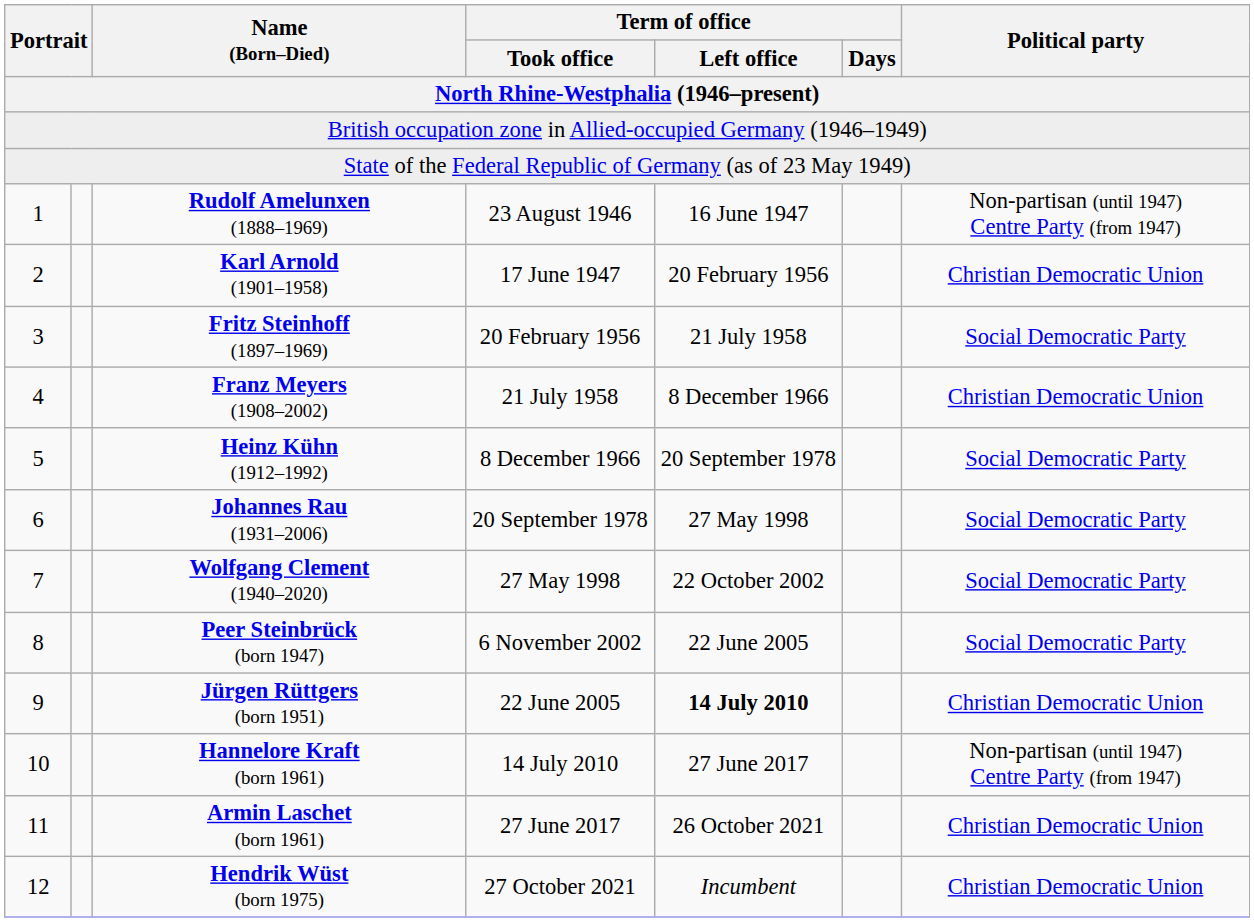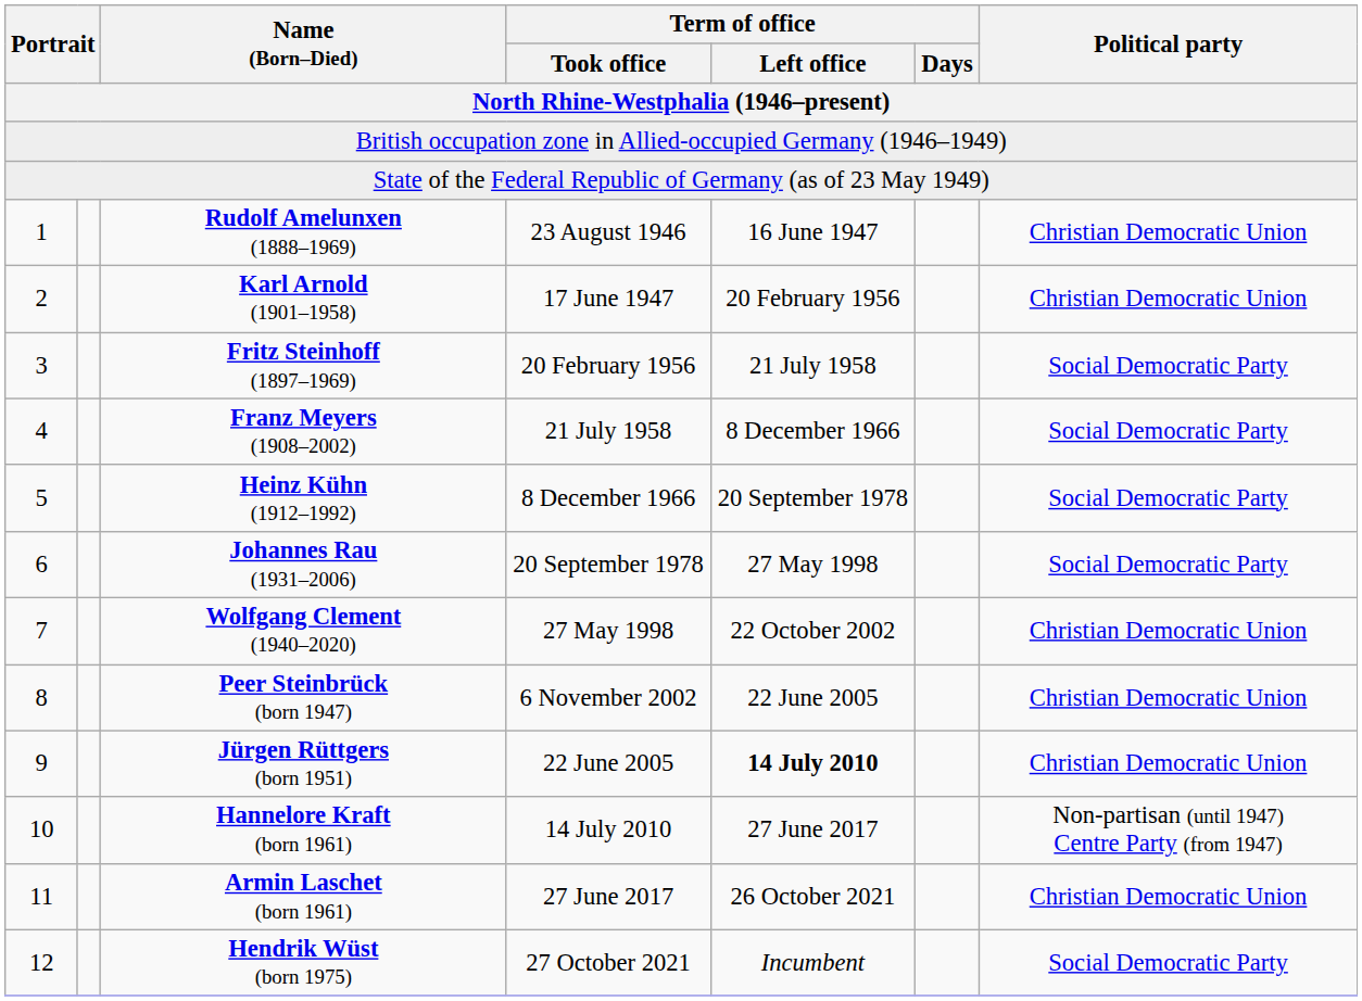 <table class="wikitable" style="text-align:center; width:100%; border:1px #AAAAFF solid">
 <tr>
 <th width=80px rowspan=2 colspan=2>Portrait</th>
 <th width=30% rowspan=2>Name<br><small>(Born–Died)</small></th>
 <th width=35% colspan=3>Term of office</th>
 <th width=28% rowspan=2>Political party</th>
 </tr>
 <tr>
 <th>Took office</th>
 <th>Left office</th>
 <th>Days</th>
 </tr>
 <tr>
 <th colspan="7"><a href='#'>North Rhine-Westphalia</a> (1946–present)</th>
 </tr>
 <tr>
 <td bgcolor=#EEEEEE colspan=8><a href='#'>British occupation zone</a> in <a href='#'>Allied-occupied Germany</a> (1946–1949)</td>
 </tr>
 <tr>
 <td bgcolor=#EEEEEE colspan=8><a href='#'>State</a> of the <a href='#'>Federal Republic of Germany</a> (as of 23 May 1949)</td>
 </tr>
 <tr>
 <td rowspan="1" style="background:">1</td>
 <td></td>
 <td><strong><a href='#'>Rudolf Amelunxen</a></strong><br><small>(1888–1969)</small></td>
 <td>23 August 1946</td>
 <td>16 June 1947</td>
 <td></td>
-<td>Non-partisan <small>(until 1947)</small><br><a href='#'>Centre Party</a> <small>(from 1947)</small></td>
+<td><a href='#'>Christian Democratic Union</a></td>
 </tr>
 <tr>
 <td style="background:">2</td>
 <td></td>
 <td><strong><a href='#'>Karl Arnold</a></strong><br><small>(1901–1958)</small></td>
 <td>17 June 1947</td>
 <td>20 February 1956<br></td>
 <td></td>
 <td><a href='#'>Christian Democratic Union</a></td>
 </tr>
 <tr>
 <td style="background:">3</td>
 <td></td>
 <td><strong><a href='#'>Fritz Steinhoff</a></strong><br><small>(1897–1969)</small></td>
 <td>20 February 1956</td>
 <td>21 July 1958</td>
 <td></td>
 <td><a href='#'>Social Democratic Party</a></td>
 </tr>
 <tr>
 <td style="background:">4</td>
 <td></td>
 <td><strong><a href='#'>Franz Meyers</a></strong><br><small>(1908–2002)</small></td>
 <td>21 July 1958</td>
 <td>8 December 1966<br></td>
 <td></td>
-<td><a href='#'>Christian Democratic Union</a></td>
+<td><a href='#'>Social Democratic Party</a></td>
 </tr>
 <tr>
 <td style="background:">5</td>
 <td></td>
 <td><strong><a href='#'>Heinz Kühn</a></strong><br><small>(1912–1992)</small></td>
 <td>8 December 1966</td>
 <td>20 September 1978</td>
 <td></td>
 <td><a href='#'>Social Democratic Party</a></td>
 </tr>
 <tr>
 <td style="background:">6</td>
 <td></td>
 <td><strong><a href='#'>Johannes Rau</a></strong><br><small>(1931–2006)</small></td>
 <td>20 September 1978</td>
 <td>27 May 1998</td>
 <td></td>
 <td><a href='#'>Social Democratic Party</a></td>
 </tr>
 <tr>
 <td style="background:">7</td>
 <td></td>
 <td><strong><a href='#'>Wolfgang Clement</a></strong><br><small>(1940–2020)</small></td>
 <td>27 May 1998</td>
 <td>22 October 2002<br></td>
 <td></td>
-<td><a href='#'>Social Democratic Party</a></td>
+<td><a href='#'>Christian Democratic Union</a></td>
 </tr>
 <tr>
 <td style="background:">8</td>
 <td></td>
 <td><strong><a href='#'>Peer Steinbrück</a></strong><br><small>(born 1947)</small></td>
 <td>6 November 2002</td>
 <td>22 June 2005</td>
 <td></td>
-<td><a href='#'>Social Democratic Party</a></td>
+<td><a href='#'>Christian Democratic Union</a></td>
 </tr>
 <tr>
 <td style="background:">9</td>
 <td></td>
 <td><strong><a href='#'>Jürgen Rüttgers</a></strong><br><small>(born 1951)</small></td>
 <td>22 June 2005</td>
 <td><strong>14 July 2010</strong></td>
 <td></td>
 <td><a href='#'>Christian Democratic Union</a></td>
 </tr>
 <tr>
 <td style="background:">10</td>
 <td></td>
 <td><strong><a href='#'>Hannelore Kraft</a></strong><br><small>(born 1961)</small></td>
 <td>14 July 2010</td>
 <td>27 June 2017</td>
 <td></td>
 <td>Non-partisan <small>(until 1947)</small><br><a href='#'>Centre Party</a> <small>(from 1947)</small></td>
 </tr>
 <tr>
 <td style="background:">11</td>
 <td></td>
 <td><strong><a href='#'>Armin Laschet</a></strong><br><small>(born 1961)</small></td>
 <td>27 June 2017</td>
 <td>26 October 2021<br></td>
 <td></td>
 <td><a href='#'>Christian Democratic Union</a></td>
 </tr>
 <tr>
 <td style="background:">12</td>
 <td></td>
 <td><strong><a href='#'>Hendrik Wüst</a></strong><br><small>(born 1975)</small></td>
 <td>27 October 2021</td>
 <td><em>Incumbent</em></td>
 <td></td>
-<td><a href='#'>Christian Democratic Union</a></td>
+<td><a href='#'>Social Democratic Party</a></td>
 </tr>
 <tr>
 </tr>
 </table>
